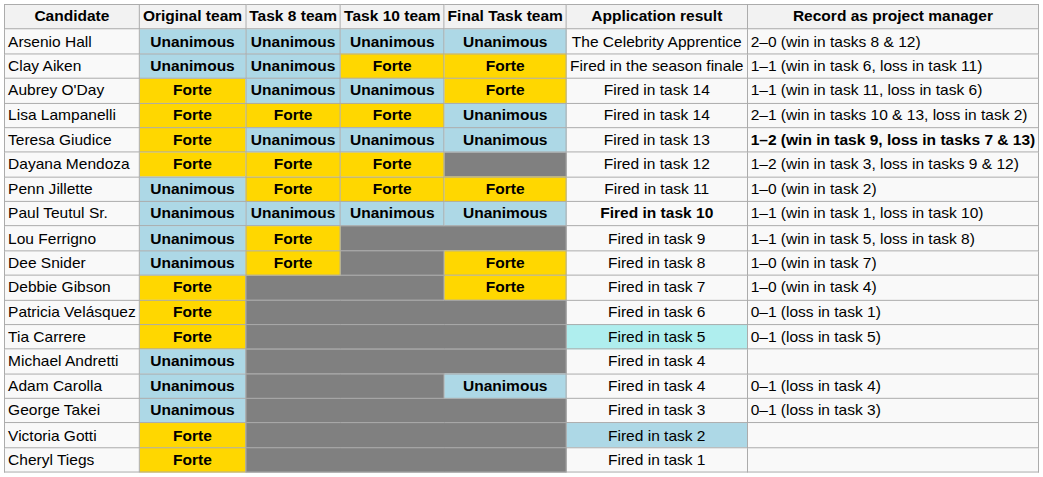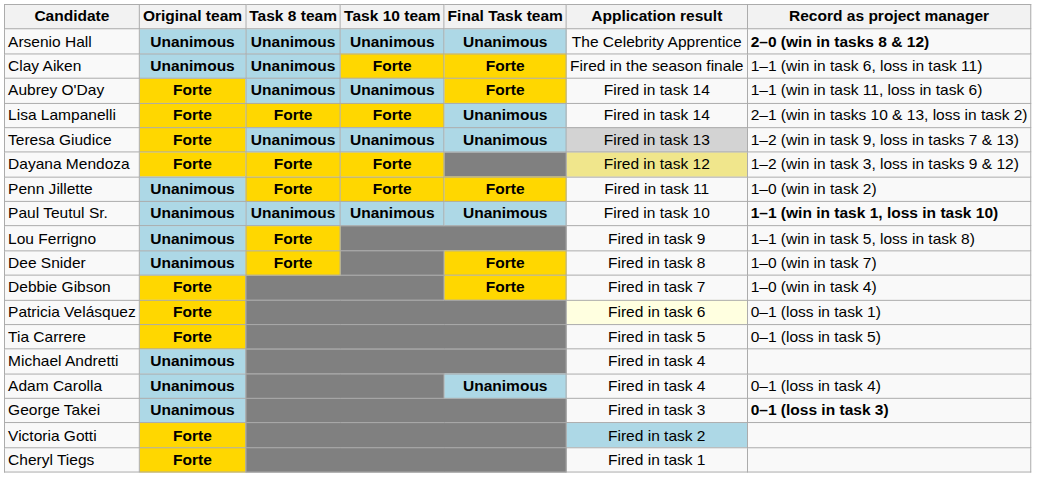 <table class="wikitable">
 <tr>
 <th bgcolor="gray"><span>Candidate</span></th>
 <th bgcolor="gray"><span>Original team</span></th>
 <th bgcolor="gray"><span>Task 8 team</span></th>
 <th bgcolor="gray"><span>Task 10 team</span></th>
 <th bgcolor="gray"><span>Final Task team</span></th>
 <th bgcolor="gray"><span>Application result</span></th>
 <th bgcolor="gray"><span>Record as project manager</span></th>
 </tr>
 <tr>
 <td>Arsenio Hall</td>
 <td style="text-align:center; background:lightblue;"><strong>Unanimous</strong></td>
 <td style="text-align:center; background:lightblue;"><strong>Unanimous</strong></td>
 <td style="text-align:center; background:lightblue;"><strong>Unanimous</strong></td>
 <td style="text-align:center; background:lightblue;"><strong>Unanimous</strong></td>
 <td align="center">The Celebrity Apprentice</td>
-<td>2–0 (win in tasks 8 & 12)</td>
+<td><strong>2–0 (win in tasks 8 & 12)</strong></td>
 </tr>
 <tr>
 <td>Clay Aiken</td>
 <td style="text-align:center; background:lightblue;"><strong>Unanimous</strong></td>
 <td style="text-align:center; background:lightblue;"><strong>Unanimous</strong></td>
 <td style="text-align:center; background:gold;"><strong>Forte</strong></td>
 <td style="text-align:center; background:gold;"><strong>Forte</strong></td>
 <td align="center">Fired in the season finale</td>
 <td>1–1 (win in task 6, loss in task 11)</td>
 </tr>
 <tr>
 <td>Aubrey O'Day</td>
 <td style="text-align:center; background:gold;"><strong>Forte</strong></td>
 <td style="text-align:center; background:lightblue;"><strong>Unanimous</strong></td>
 <td style="text-align:center; background:lightblue;"><strong>Unanimous</strong></td>
 <td style="text-align:center; background:gold;"><strong>Forte</strong></td>
 <td align="center">Fired in task 14</td>
 <td>1–1 (win in task 11, loss in task 6)</td>
 </tr>
 <tr>
 <td>Lisa Lampanelli</td>
 <td style="text-align:center; background:gold;"><strong>Forte</strong></td>
 <td style="text-align:center; background:gold;"><strong>Forte</strong></td>
 <td style="text-align:center; background:gold;"><strong>Forte</strong></td>
 <td style="text-align:center; background:lightblue;"><strong>Unanimous</strong></td>
 <td align="center">Fired in task 14</td>
 <td>2–1 (win in tasks 10 & 13, loss in task 2)</td>
 </tr>
 <tr>
 <td>Teresa Giudice</td>
 <td style="text-align:center; background:gold;"><strong>Forte</strong></td>
 <td style="text-align:center; background:lightblue;"><strong>Unanimous</strong></td>
 <td style="text-align:center; background:lightblue;"><strong>Unanimous</strong></td>
 <td style="text-align:center; background:lightblue;"><strong>Unanimous</strong></td>
-<td align="center">Fired in task 13</td>
-<td><strong>1–2 (win in task 9, loss in tasks 7 & 13)</strong></td>
+<td align="center" style="background: lightgrey;">Fired in task 13</td>
+<td>1–2 (win in task 9, loss in tasks 7 & 13)</td>
 </tr>
 <tr>
 <td>Dayana Mendoza</td>
 <td style="text-align:center; background:gold;"><strong>Forte</strong></td>
 <td style="text-align:center; background:gold;"><strong>Forte</strong></td>
 <td style="text-align:center; background:gold;"><strong>Forte</strong></td>
 <td colspan="1" style="background:gray;"></td>
-<td align="center">Fired in task 12</td>
+<td align="center" style="background: khaki;">Fired in task 12</td>
 <td>1–2 (win in task 3, loss in tasks 9 & 12)</td>
 </tr>
 <tr>
 <td>Penn Jillette</td>
 <td style="text-align:center; background:lightblue;"><strong>Unanimous</strong></td>
 <td style="text-align:center; background:gold;"><strong>Forte</strong></td>
 <td style="text-align:center; background:gold;"><strong>Forte</strong></td>
 <td style="text-align:center; background:gold;"><strong>Forte</strong></td>
 <td align="center">Fired in task 11</td>
 <td>1–0 (win in task 2)</td>
 </tr>
 <tr>
 <td>Paul Teutul Sr.</td>
 <td style="text-align:center; background:lightblue;"><strong>Unanimous</strong></td>
 <td style="text-align:center; background:lightblue;"><strong>Unanimous</strong></td>
 <td style="text-align:center; background:lightblue;"><strong>Unanimous</strong></td>
 <td style="text-align:center; background:lightblue;"><strong>Unanimous</strong></td>
-<td align="center"><strong>Fired in task 10</strong></td>
-<td>1–1 (win in task 1, loss in task 10)</td>
+<td align="center">Fired in task 10</td>
+<td><strong>1–1 (win in task 1, loss in task 10)</strong></td>
 </tr>
 <tr>
 <td>Lou Ferrigno</td>
 <td style="text-align:center; background:lightblue;"><strong>Unanimous</strong></td>
 <td style="text-align:center; background:gold;"><strong>Forte</strong></td>
 <td colspan="2" style="background:gray;"></td>
 <td align="center">Fired in task 9</td>
 <td>1–1 (win in task 5, loss in task 8)</td>
 </tr>
 <tr>
 <td>Dee Snider</td>
 <td style="text-align:center; background:lightblue;"><strong>Unanimous</strong></td>
 <td style="text-align:center; background:gold;"><strong>Forte</strong></td>
 <td colspan="1" style="background:gray;"></td>
 <td style="text-align:center; background:gold;"><strong>Forte</strong></td>
 <td align="center">Fired in task 8</td>
 <td>1–0 (win in task 7)</td>
 </tr>
 <tr>
 <td>Debbie Gibson</td>
 <td style="text-align:center; background:gold;"><strong>Forte</strong></td>
 <td colspan="2" style="background:gray;"></td>
 <td style="text-align:center; background:gold;"><strong>Forte</strong></td>
 <td align="center">Fired in task 7</td>
 <td>1–0 (win in task 4)</td>
 </tr>
 <tr>
 <td>Patricia Velásquez</td>
 <td style="text-align:center; background:gold;"><strong>Forte</strong></td>
 <td colspan="3" style="background:gray;"></td>
-<td align="center">Fired in task 6</td>
+<td align="center" style="background: lightyellow;">Fired in task 6</td>
 <td>0–1 (loss in task 1)</td>
 </tr>
 <tr>
 <td>Tia Carrere</td>
 <td style="text-align:center; background:gold;"><strong>Forte</strong></td>
 <td colspan="3" style="background:gray;"></td>
-<td align="center" style="background: paleturquoise;">Fired in task 5</td>
+<td align="center">Fired in task 5</td>
 <td>0–1 (loss in task 5)</td>
 </tr>
 <tr>
 <td>Michael Andretti</td>
 <td style="text-align:center; background:lightblue;"><strong>Unanimous</strong></td>
 <td colspan="3" style="background:gray;"></td>
 <td align="center">Fired in task 4</td>
 <td></td>
 </tr>
 <tr>
 <td>Adam Carolla</td>
 <td style="text-align:center; background:lightblue;"><strong>Unanimous</strong></td>
 <td colspan="2" style="background:gray;"></td>
 <td style="text-align:center; background:lightblue;"><strong>Unanimous</strong></td>
 <td align="center">Fired in task 4</td>
 <td>0–1 (loss in task 4)</td>
 </tr>
 <tr>
 <td>George Takei</td>
 <td style="text-align:center; background:lightblue;"><strong>Unanimous</strong></td>
 <td colspan="3" style="background:gray;"></td>
 <td align="center">Fired in task 3</td>
-<td>0–1 (loss in task 3)</td>
+<td><strong>0–1 (loss in task 3)</strong></td>
 </tr>
 <tr>
 <td>Victoria Gotti</td>
 <td style="text-align:center; background:gold;"><strong>Forte</strong></td>
 <td colspan="3" style="background:gray;"></td>
 <td align="center" style="background: lightblue;">Fired in task 2</td>
 <td></td>
 </tr>
 <tr>
 <td>Cheryl Tiegs</td>
 <td style="text-align:center; background:gold;"><strong>Forte</strong></td>
 <td colspan="3" style="background:gray;"></td>
 <td align="center">Fired in task 1</td>
 <td></td>
 </tr>
 </table>
